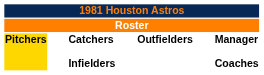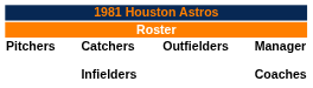 <table class="toccolours" style="text-align: left;">
 <tr>
 <th colspan="10" style="background-color: #072854; color: #FF7F00; text-align: center;">1981 Houston Astros</th>
 </tr>
 <tr>
 <td colspan="10" style="background-color: #FF7F00; color: white; text-align: center;"><strong>Roster</strong></td>
 </tr>
 <tr>
-<td valign="top" style="background: gold;"><strong>Pitchers</strong><br>           </td>
+<td valign="top"><strong>Pitchers</strong><br>           </td>
 <td width = "25px"></td>
 <td valign="top"><strong>Catchers</strong><br>  <br><strong>Infielders</strong>                </td>
 <td width = "25px"></td>
 <td valign="top"><strong>Outfielders</strong><br>     </td>
 <td width = "25px"></td>
 <td valign="top"><strong>Manager</strong><br><br><strong>Coaches</strong>    </td>
 </tr>
 </table>
